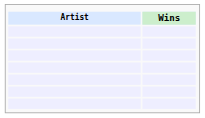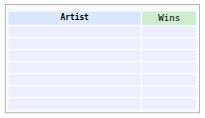 <table class="infobox" style="width: 25em; text-align: center; font-size: 70%; vertical-align: middle;">
 <tr>
 <td colspan="3" style="text-align:center;"></td>
 </tr>
 <tr style="background:#d9e8ff; text-align:center;">
 <th style="vertical-align: middle;">Artist</th>
-<td style="background:#cec; font-size:8pt; width:60px;"><strong>Wins</strong></td>
+<td style="background:#cec; font-size:8pt; width:60px;">Wins</td>
 </tr>
 <tr style="background:#eef;">
 <td style="text-align:center;"><br></td>
 <td></td>
 </tr>
 <tr style="background:#eef;">
 <td style="text-align:center;"><br></td>
 <td></td>
 </tr>
 <tr style="background:#eef;">
 <td style="text-align:center;"><br></td>
 <td></td>
 </tr>
 <tr style="background:#eef;">
 <td style="text-align:center;"><br></td>
 <td></td>
 </tr>
 <tr style="background:#eef;">
 <td style="text-align:center;"><br></td>
 <td></td>
 </tr>
 <tr style="background:#eef;">
 <td style="text-align:center;"><br></td>
 <td></td>
 </tr>
 <tr style="background:#eef;">
 <td style="text-align:center;"><br></td>
 <td></td>
 </tr>
 </table>
